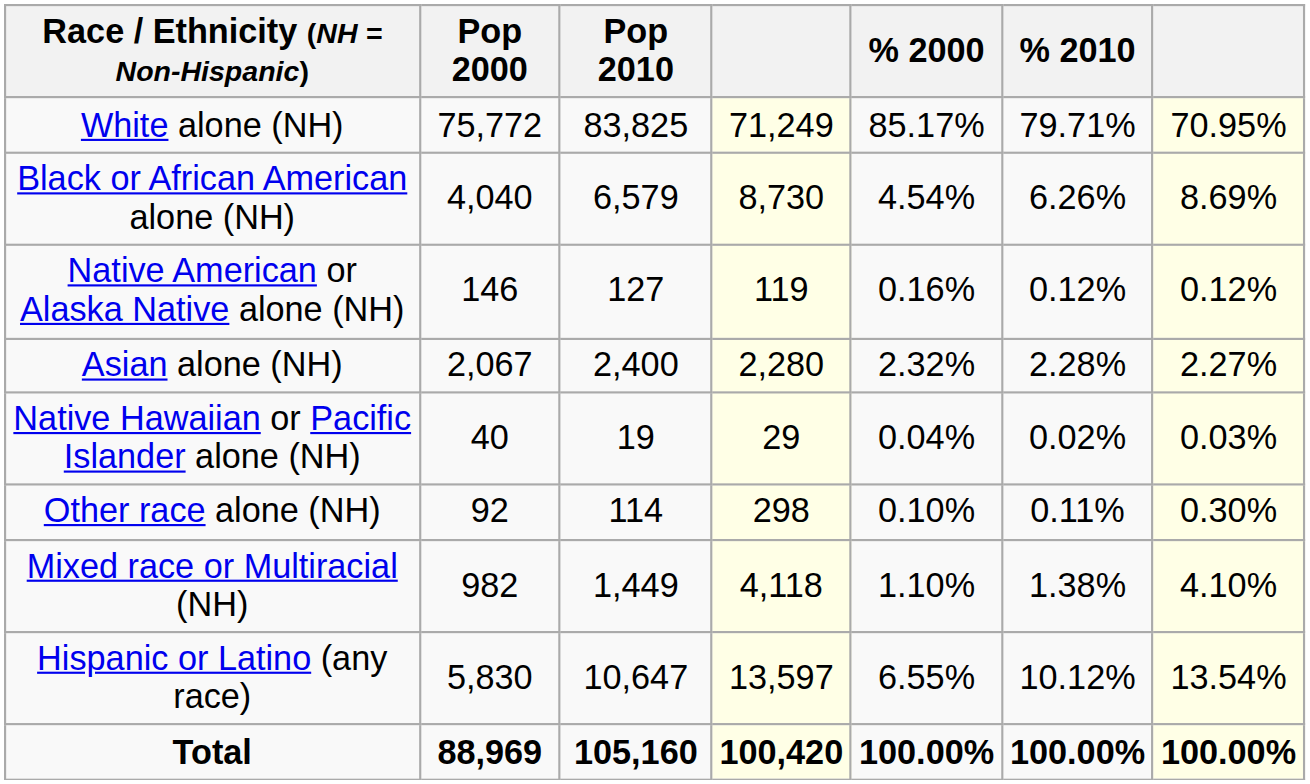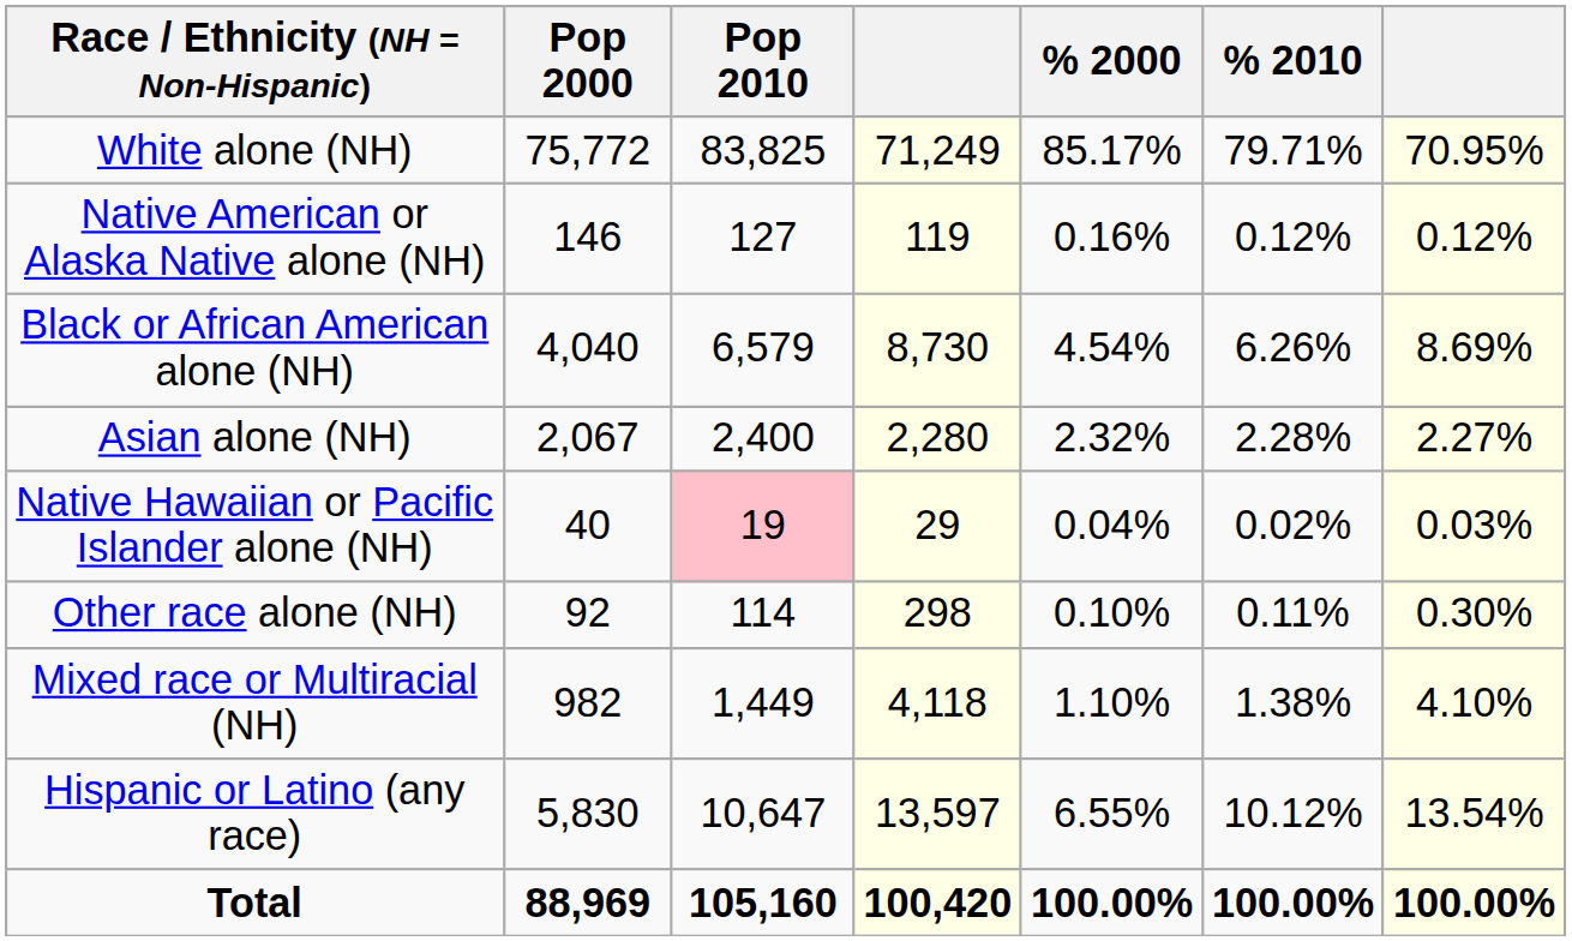 <table class="wikitable" style="text-align:center;">
 <tr>
 <th>Race / Ethnicity <small>(<em>NH = Non-Hispanic</em>)</small></th>
 <th>Pop 2000</th>
 <th>Pop 2010</th>
 <th></th>
 <th>% 2000</th>
 <th>% 2010</th>
 <th></th>
 </tr>
 <tr>
 <td><a href='#'>White</a> alone (NH)</td>
 <td>75,772</td>
 <td>83,825</td>
 <td style='background: #ffffe6;'>71,249</td>
 <td>85.17%</td>
 <td>79.71%</td>
 <td style='background: #ffffe6;'>70.95%</td>
 </tr>
 <tr>
+<td><a href='#'>Native American</a> or <a href='#'>Alaska Native</a> alone (NH)</td>
+<td>146</td>
+<td>127</td>
+<td style='background: #ffffe6;'>119</td>
+<td>0.16%</td>
+<td>0.12%</td>
+<td style='background: #ffffe6;'>0.12%</td>
+</tr>
+<tr>
 <td><a href='#'>Black or African American</a> alone (NH)</td>
 <td>4,040</td>
 <td>6,579</td>
 <td style='background: #ffffe6;'>8,730</td>
 <td>4.54%</td>
 <td>6.26%</td>
 <td style='background: #ffffe6;'>8.69%</td>
-</tr>
-<tr>
-<td><a href='#'>Native American</a> or <a href='#'>Alaska Native</a> alone (NH)</td>
-<td>146</td>
-<td>127</td>
-<td style='background: #ffffe6;'>119</td>
-<td>0.16%</td>
-<td>0.12%</td>
-<td style='background: #ffffe6;'>0.12%</td>
 </tr>
 <tr>
 <td><a href='#'>Asian</a> alone (NH)</td>
 <td>2,067</td>
 <td>2,400</td>
 <td style='background: #ffffe6;'>2,280</td>
 <td>2.32%</td>
 <td>2.28%</td>
 <td style='background: #ffffe6;'>2.27%</td>
 </tr>
 <tr>
 <td><a href='#'>Native Hawaiian</a> or <a href='#'>Pacific Islander</a> alone (NH)</td>
 <td>40</td>
-<td>19</td>
+<td style="background: pink;">19</td>
 <td style='background: #ffffe6;'>29</td>
 <td>0.04%</td>
 <td>0.02%</td>
 <td style='background: #ffffe6;'>0.03%</td>
 </tr>
 <tr>
 <td><a href='#'>Other race</a> alone (NH)</td>
 <td>92</td>
 <td>114</td>
 <td style='background: #ffffe6;'>298</td>
 <td>0.10%</td>
 <td>0.11%</td>
 <td style='background: #ffffe6;'>0.30%</td>
 </tr>
 <tr>
 <td><a href='#'>Mixed race or Multiracial</a> (NH)</td>
 <td>982</td>
 <td>1,449</td>
 <td style='background: #ffffe6;'>4,118</td>
 <td>1.10%</td>
 <td>1.38%</td>
 <td style='background: #ffffe6;'>4.10%</td>
 </tr>
 <tr>
 <td><a href='#'>Hispanic or Latino</a> (any race)</td>
 <td>5,830</td>
 <td>10,647</td>
 <td style='background: #ffffe6;'>13,597</td>
 <td>6.55%</td>
 <td>10.12%</td>
 <td style='background: #ffffe6;'>13.54%</td>
 </tr>
 <tr>
 <td><strong>Total</strong></td>
 <td><strong>88,969</strong></td>
 <td><strong>105,160</strong></td>
 <td style='background: #ffffe6;'><strong>100,420 </strong></td>
 <td><strong>100.00%</strong></td>
 <td><strong>100.00%</strong></td>
 <td style='background: #ffffe6;'><strong>100.00%</strong></td>
 </tr>
 </table>
